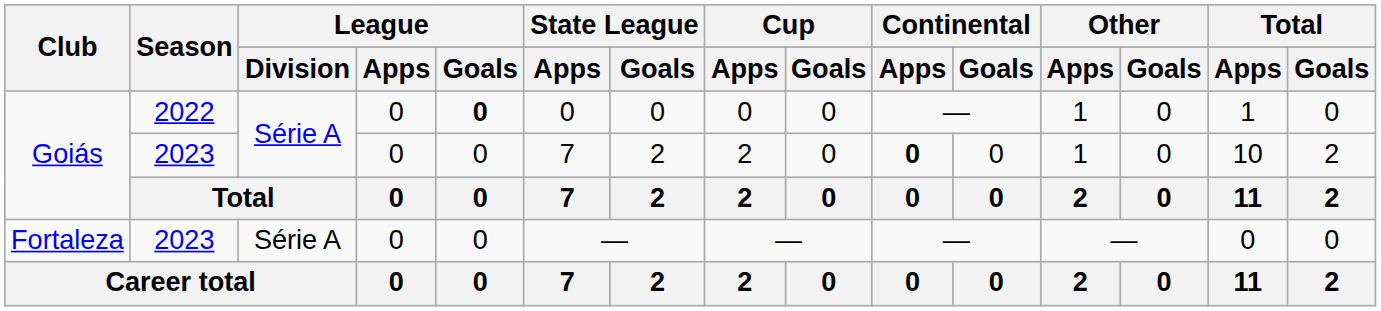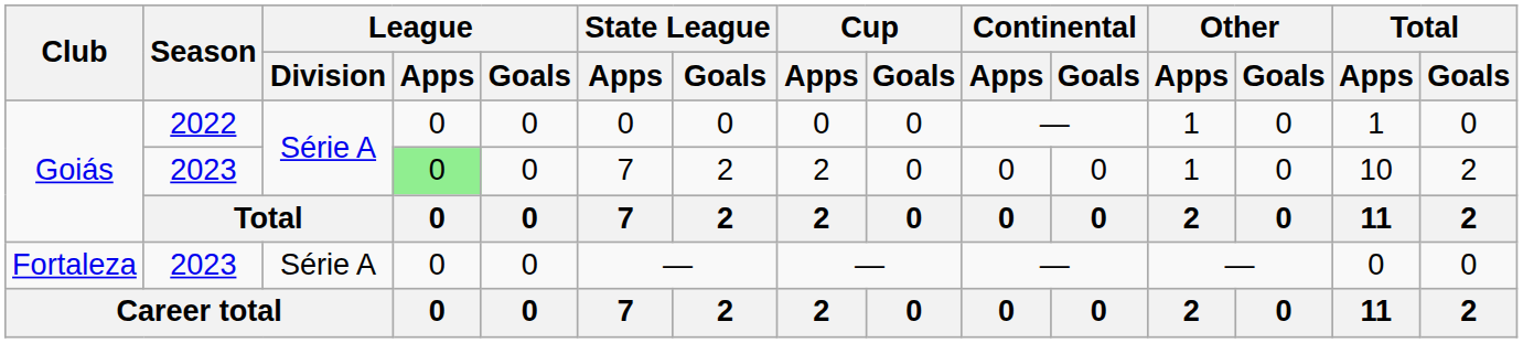 <table class="wikitable" style="text-align:center">
 <tr>
 <th rowspan="2">Club</th>
 <th rowspan="2">Season</th>
 <th colspan="3">League</th>
 <th colspan="2">State League</th>
 <th colspan="2">Cup</th>
 <th colspan="2">Continental</th>
 <th colspan="2">Other</th>
 <th colspan="2">Total</th>
 </tr>
 <tr>
 <th>Division</th>
 <th>Apps</th>
 <th>Goals</th>
 <th>Apps</th>
 <th>Goals</th>
 <th>Apps</th>
 <th>Goals</th>
 <th>Apps</th>
 <th>Goals</th>
 <th>Apps</th>
 <th>Goals</th>
 <th>Apps</th>
 <th>Goals</th>
 </tr>
 <tr>
 <td rowspan=3><a href='#'>Goiás</a></td>
 <td><a href='#'>2022</a></td>
 <td rowspan=2><a href='#'>Série A</a></td>
 <td>0</td>
-<td><strong>0</strong></td>
+<td>0</td>
 <td>0</td>
 <td>0</td>
 <td>0</td>
 <td>0</td>
 <td colspan="2">—</td>
 <td>1</td>
 <td>0</td>
 <td>1</td>
 <td>0</td>
 </tr>
 <tr>
 <td><a href='#'>2023</a></td>
-<td>0</td>
+<td style="background: lightgreen;">0</td>
 <td>0</td>
 <td>7</td>
 <td>2</td>
 <td>2</td>
 <td>0</td>
-<td><strong>0</strong></td>
+<td>0</td>
 <td>0</td>
 <td>1</td>
 <td>0</td>
 <td>10</td>
 <td>2</td>
 </tr>
 <tr>
 <th colspan=2>Total</th>
 <th>0</th>
 <th>0</th>
 <th>7</th>
 <th>2</th>
 <th>2</th>
 <th>0</th>
 <th>0</th>
 <th>0</th>
 <th>2</th>
 <th>0</th>
 <th>11</th>
 <th>2</th>
 </tr>
 <tr>
 <td><a href='#'>Fortaleza</a></td>
 <td><a href='#'>2023</a></td>
 <td>Série A</td>
 <td>0</td>
 <td>0</td>
 <td colspan="2">—</td>
 <td colspan="2">—</td>
 <td colspan="2">—</td>
 <td colspan="2">—</td>
 <td>0</td>
 <td>0</td>
 </tr>
 <tr>
 <th colspan=3>Career total</th>
 <th>0</th>
 <th>0</th>
 <th>7</th>
 <th>2</th>
 <th>2</th>
 <th>0</th>
 <th>0</th>
 <th>0</th>
 <th>2</th>
 <th>0</th>
 <th>11</th>
 <th>2</th>
 </tr>
 </table>
